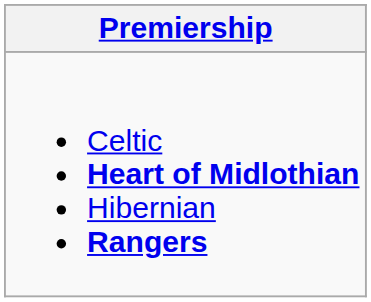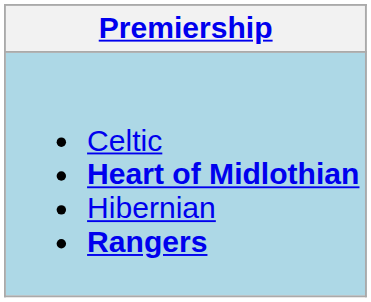 <table class="wikitable" style="text-align:left">
 <tr>
 <th><a href='#'>Premiership</a></th>
 </tr>
 <tr>
-<td valign=top><br><ul><li><a href='#'>Celtic</a></li><li><strong><a href='#'>Heart of Midlothian</a></strong></li><li><a href='#'>Hibernian</a></li><li><strong><a href='#'>Rangers</a></strong></li></ul></td>
+<td valign=top style="background: lightblue;"><br><ul><li><a href='#'>Celtic</a></li><li><strong><a href='#'>Heart of Midlothian</a></strong></li><li><a href='#'>Hibernian</a></li><li><strong><a href='#'>Rangers</a></strong></li></ul></td>
 </tr>
 </table>
